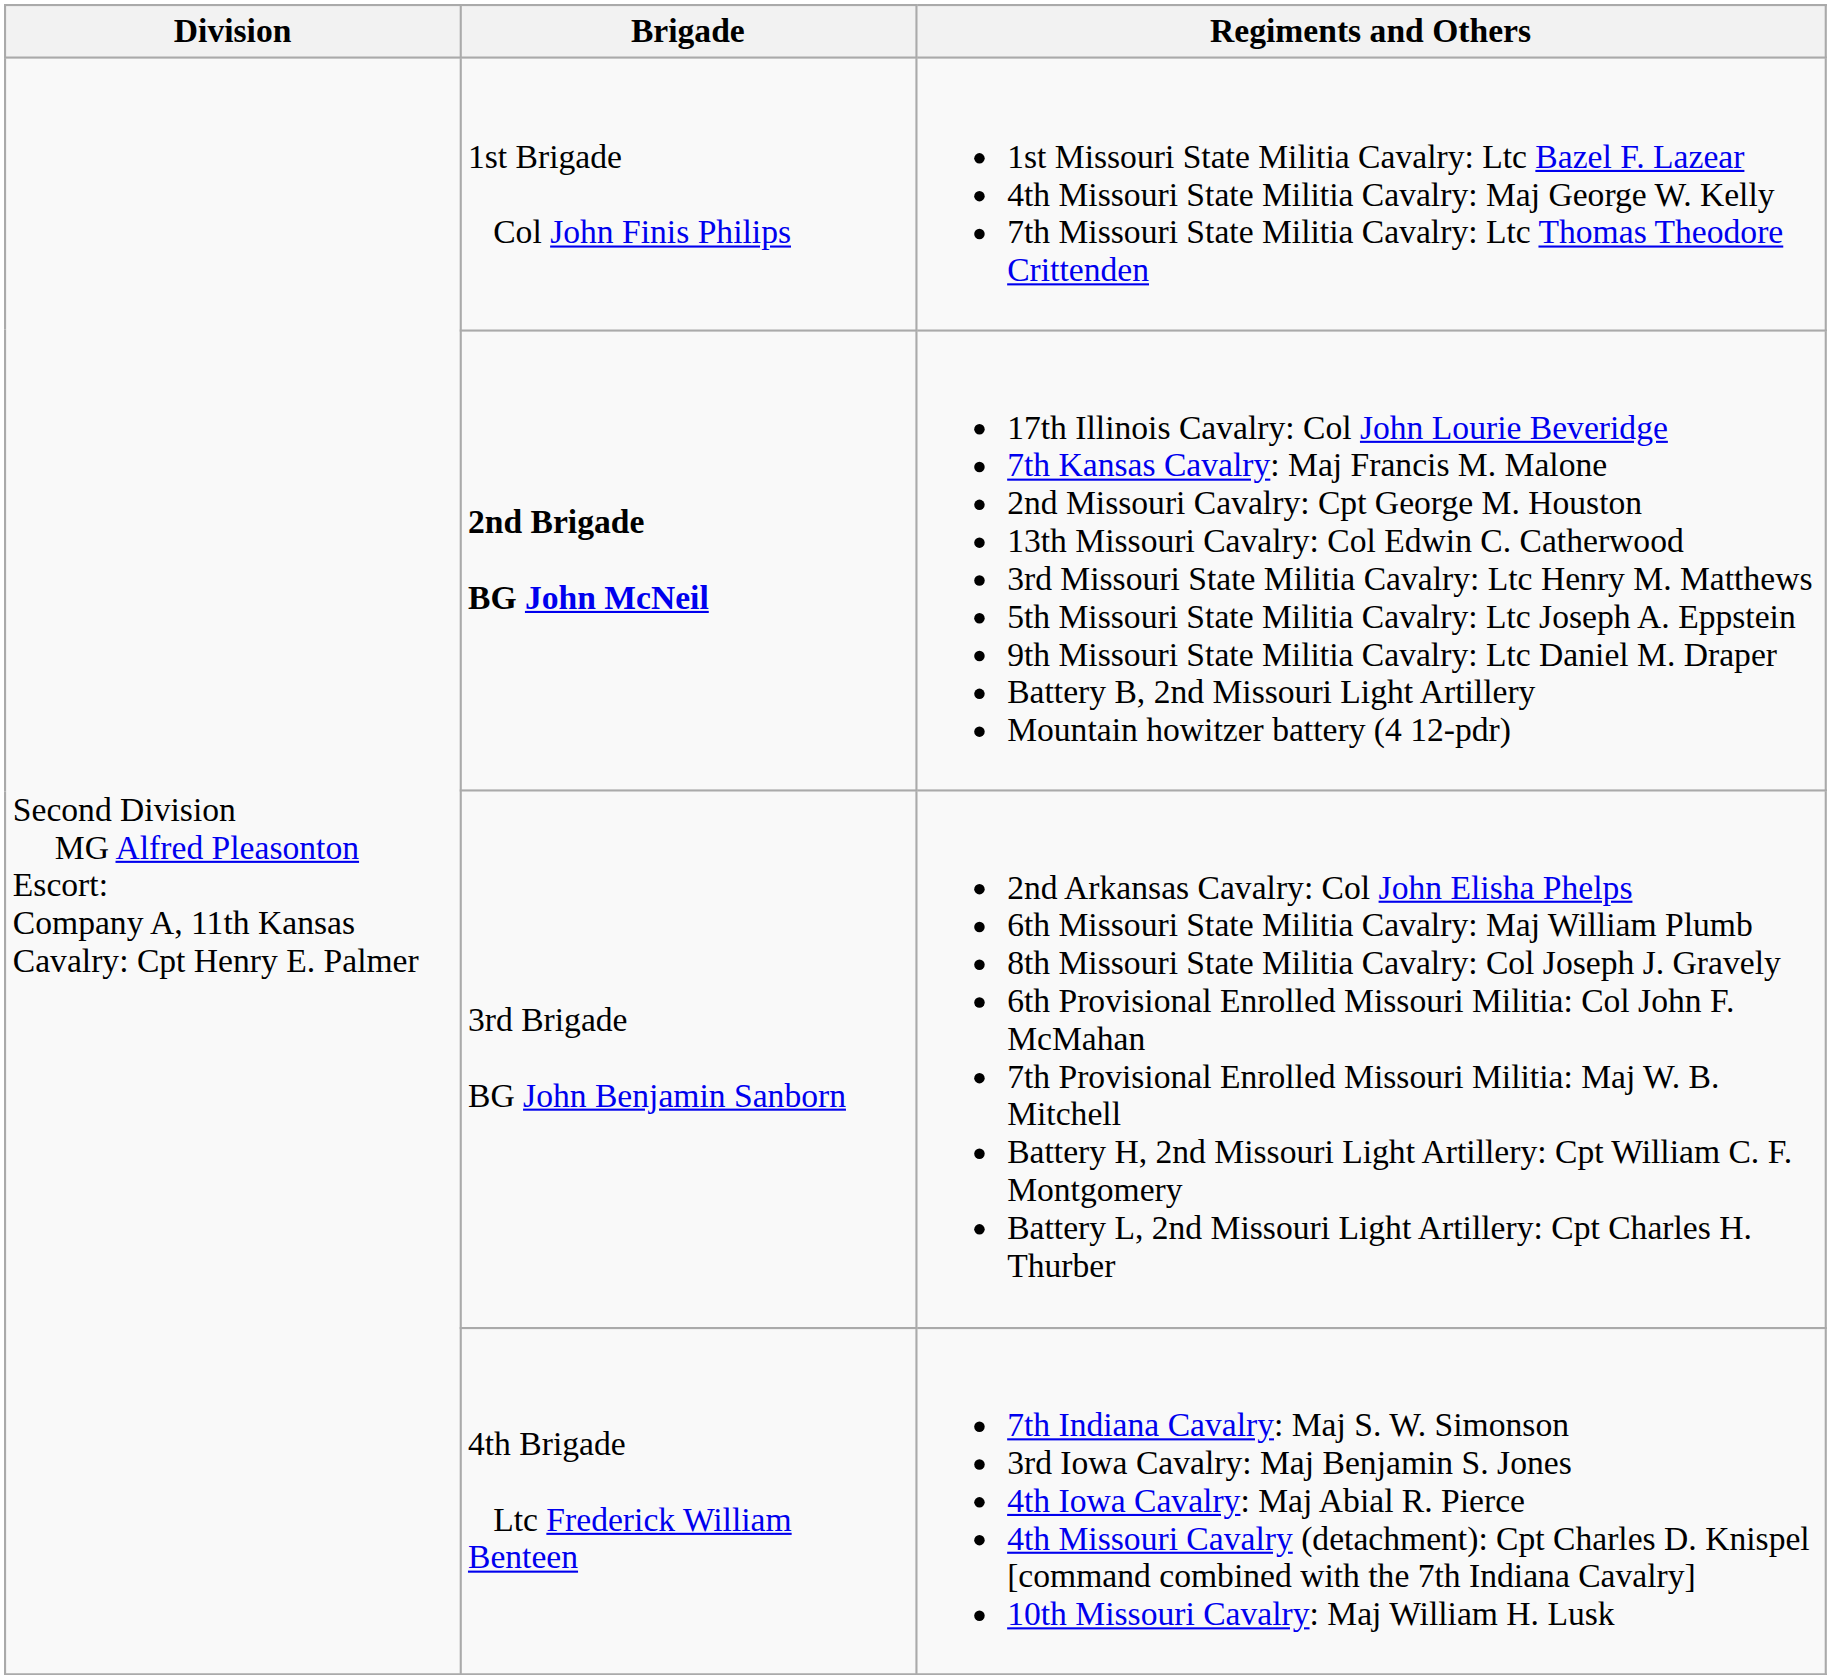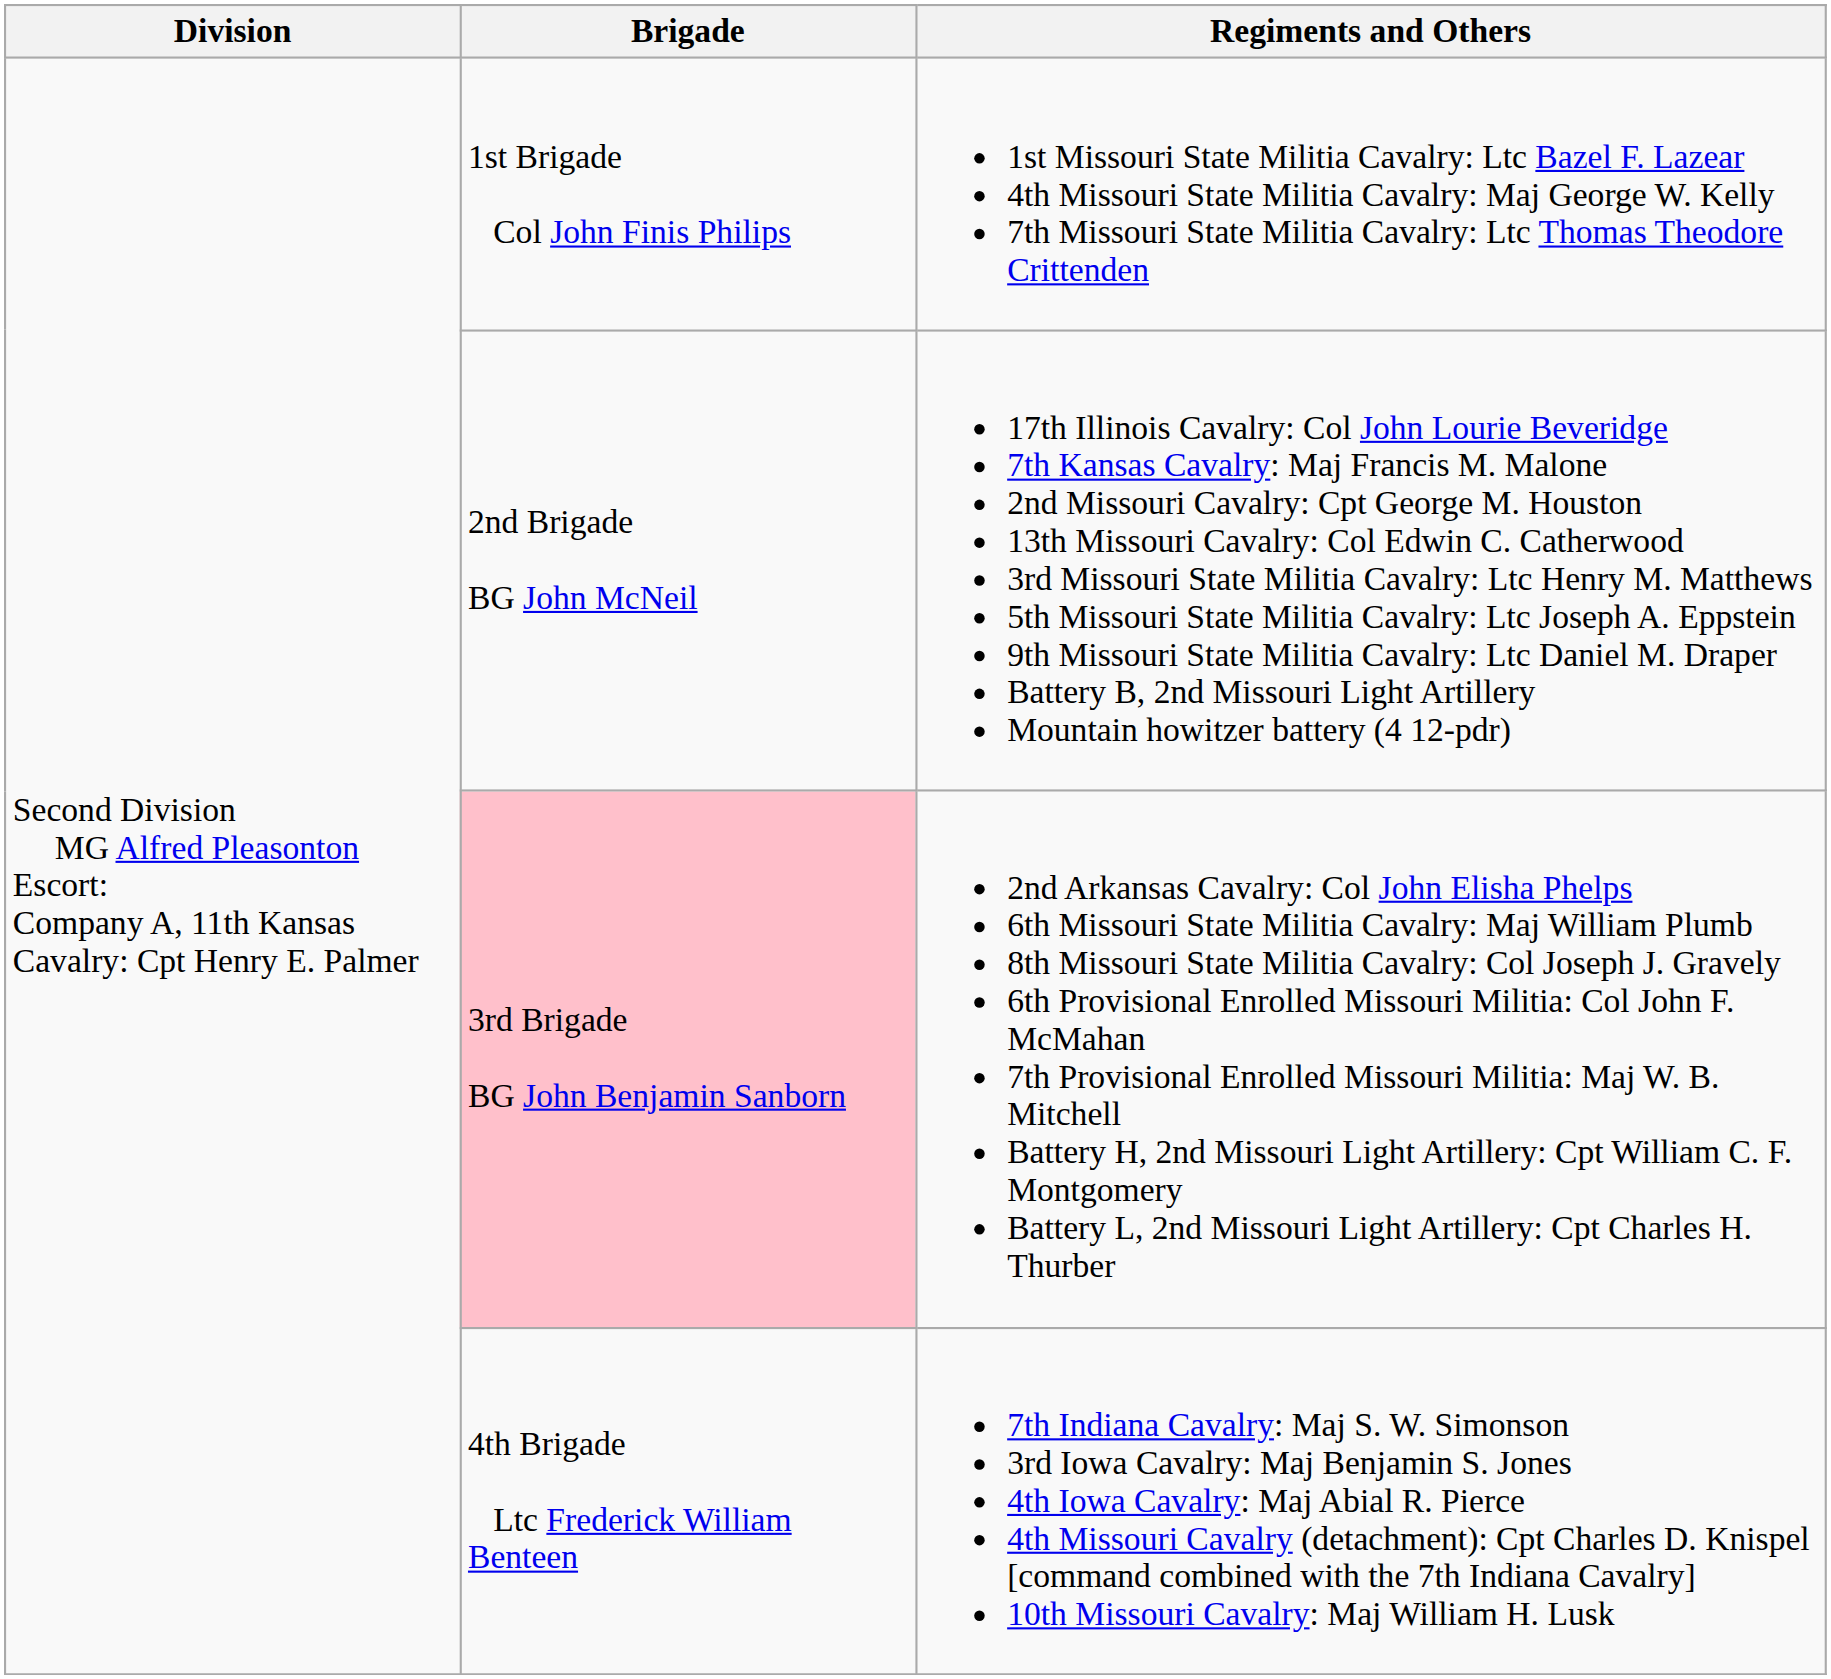 <table class="wikitable">
 <tr>
 <th width=25%>Division</th>
 <th width=25%>Brigade</th>
 <th>Regiments and Others</th>
 </tr>
 <tr>
 <td rowspan=4><br>Second Division <br>     MG <a href='#'>Alfred Pleasonton</a><br> Escort:<br> Company A, 11th Kansas Cavalry: Cpt Henry E. Palmer</td>
 <td>1st Brigade<br><br>   Col <a href='#'>John Finis Philips</a></td>
 <td><br><ul><li>1st Missouri State Militia Cavalry: Ltc <a href='#'>Bazel F. Lazear</a></li><li>4th Missouri State Militia Cavalry: Maj George W. Kelly</li><li>7th Missouri State Militia Cavalry: Ltc <a href='#'>Thomas Theodore Crittenden</a></li></ul></td>
 </tr>
 <tr>
-<td><strong>2nd Brigade<br><br> BG <a href='#'>John McNeil</a></strong></td>
+<td>2nd Brigade<br><br> BG <a href='#'>John McNeil</a></td>
 <td><br><ul><li>17th Illinois Cavalry: Col <a href='#'>John Lourie Beveridge</a></li><li><a href='#'>7th Kansas Cavalry</a>: Maj Francis M. Malone</li><li>2nd Missouri Cavalry: Cpt George M. Houston</li><li>13th Missouri Cavalry: Col Edwin C. Catherwood</li><li>3rd Missouri State Militia Cavalry: Ltc Henry M. Matthews</li><li>5th Missouri State Militia Cavalry: Ltc Joseph A. Eppstein</li><li>9th Missouri State Militia Cavalry: Ltc Daniel M. Draper</li><li>Battery B, 2nd Missouri Light Artillery</li><li>Mountain howitzer battery (4 12-pdr)</li></ul></td>
 </tr>
 <tr>
-<td>3rd Brigade<br><br> BG <a href='#'>John Benjamin Sanborn</a></td>
+<td style="background: pink;">3rd Brigade<br><br> BG <a href='#'>John Benjamin Sanborn</a></td>
 <td><br><ul><li>2nd Arkansas Cavalry: Col <a href='#'>John Elisha Phelps</a></li><li>6th Missouri State Militia Cavalry: Maj William Plumb</li><li>8th Missouri State Militia Cavalry: Col Joseph J. Gravely</li><li>6th Provisional Enrolled Missouri Militia: Col John F. McMahan</li><li>7th Provisional Enrolled Missouri Militia: Maj W. B. Mitchell</li><li>Battery H, 2nd Missouri Light Artillery: Cpt William C. F. Montgomery</li><li>Battery L, 2nd Missouri Light Artillery: Cpt Charles H. Thurber</li></ul></td>
 </tr>
 <tr>
 <td>4th Brigade<br><br>   Ltc <a href='#'>Frederick William Benteen</a></td>
 <td><br><ul><li><a href='#'>7th Indiana Cavalry</a>: Maj S. W. Simonson</li><li>3rd Iowa Cavalry: Maj Benjamin S. Jones</li><li><a href='#'>4th Iowa Cavalry</a>: Maj Abial R. Pierce</li><li><a href='#'>4th Missouri Cavalry</a> (detachment): Cpt Charles D. Knispel [command combined with the 7th Indiana Cavalry]</li><li><a href='#'>10th Missouri Cavalry</a>: Maj William H. Lusk</li></ul></td>
 </tr>
 <tr>
 </tr>
 </table>
